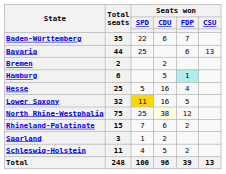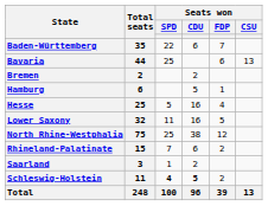 <table class="wikitable" style="text-align:center; font-size: 0.9em;">
 <tr>
 <th rowspan="3">State</th>
 <th rowspan="3">Total<br>seats</th>
 <th colspan="4">Seats won</th>
 </tr>
 <tr>
 <th class="unsortable" style="width:30px;"><a href='#'>SPD</a></th>
 <th class="unsortable" style="width:30px;"><a href='#'>CDU</a></th>
 <th class="unsortable" style="width:30px;"><a href='#'>FDP</a></th>
 <th class="unsortable" style="width:30px;"><a href='#'>CSU</a></th>
 </tr>
 <tr>
 <th style="background:"></th>
 <th style="background:"></th>
 <th style="background:"></th>
 <th style="background:"></th>
 </tr>
 <tr>
 <th style="text-align: left;"><a href='#'>Baden-Württemberg</a></th>
 <th>35</th>
 <td>22</td>
 <td>6</td>
 <td>7</td>
 <td></td>
 </tr>
 <tr>
 <th style="text-align: left;"><a href='#'>Bavaria</a></th>
 <th>44</th>
 <td>25</td>
 <td></td>
 <td>6</td>
 <td>13</td>
 </tr>
 <tr>
 <th style="text-align: left;"><a href='#'>Bremen</a></th>
 <th>2</th>
 <td></td>
 <td>2</td>
 <td></td>
 <td></td>
 </tr>
 <tr>
 <th style="text-align: left;"><a href='#'>Hamburg</a></th>
 <th>6</th>
 <td></td>
 <td>5</td>
-<td style="background: paleturquoise;">1</td>
+<td>1</td>
 <td></td>
 </tr>
 <tr>
 <th style="text-align: left;"><a href='#'>Hesse</a></th>
 <th>25</th>
 <td>5</td>
 <td>16</td>
 <td>4</td>
 <td></td>
 </tr>
 <tr>
 <th style="text-align: left;"><a href='#'>Lower Saxony</a></th>
 <th>32</th>
-<td style="background: gold;">11</td>
+<td>11</td>
 <td>16</td>
 <td>5</td>
 <td></td>
 </tr>
 <tr>
 <th style="text-align: left;"><a href='#'>North Rhine-Westphalia</a></th>
 <th>75</th>
 <td>25</td>
-<td style="background: lightyellow;">38</td>
+<td>38</td>
 <td>12</td>
 <td></td>
 </tr>
 <tr>
 <th style="text-align: left;"><a href='#'>Rhineland-Palatinate</a></th>
 <th>15</th>
 <td>7</td>
 <td>6</td>
 <td>2</td>
 <td></td>
 </tr>
 <tr>
 <th style="text-align: left;"><a href='#'>Saarland</a></th>
 <th>3</th>
 <td>1</td>
 <td>2</td>
 <td></td>
 <td></td>
 </tr>
 <tr>
 <th style="text-align: left;"><a href='#'>Schleswig-Holstein</a></th>
 <th>11</th>
-<td>4</td>
-<td>5</td>
+<td><strong>4</strong></td>
+<td><strong>5</strong></td>
 <td>2</td>
 <td></td>
 </tr>
 <tr class="sortbottom">
 <th style="text-align: left;">Total</th>
 <th>248</th>
 <th>100</th>
 <th>96</th>
 <th>39</th>
 <th>13</th>
 </tr>
 </table>
